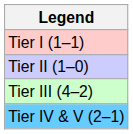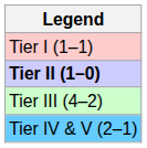 <table class=wikitable style=font-size:90%>
 <tr>
 <th>Legend</th>
 </tr>
 <tr>
 <td bgcolor=#ffcccc>Tier I (1–1)</td>
 </tr>
 <tr>
-<td bgcolor=#ccccff>Tier II (1–0)</td>
+<td bgcolor=#ccccff><strong>Tier II (1–0)</strong></td>
 </tr>
 <tr>
 <td bgcolor=#CCFFCC>Tier III (4–2)</td>
 </tr>
 <tr>
 <td bgcolor=#66CCFF>Tier IV & V (2–1)</td>
 </tr>
 </table>
